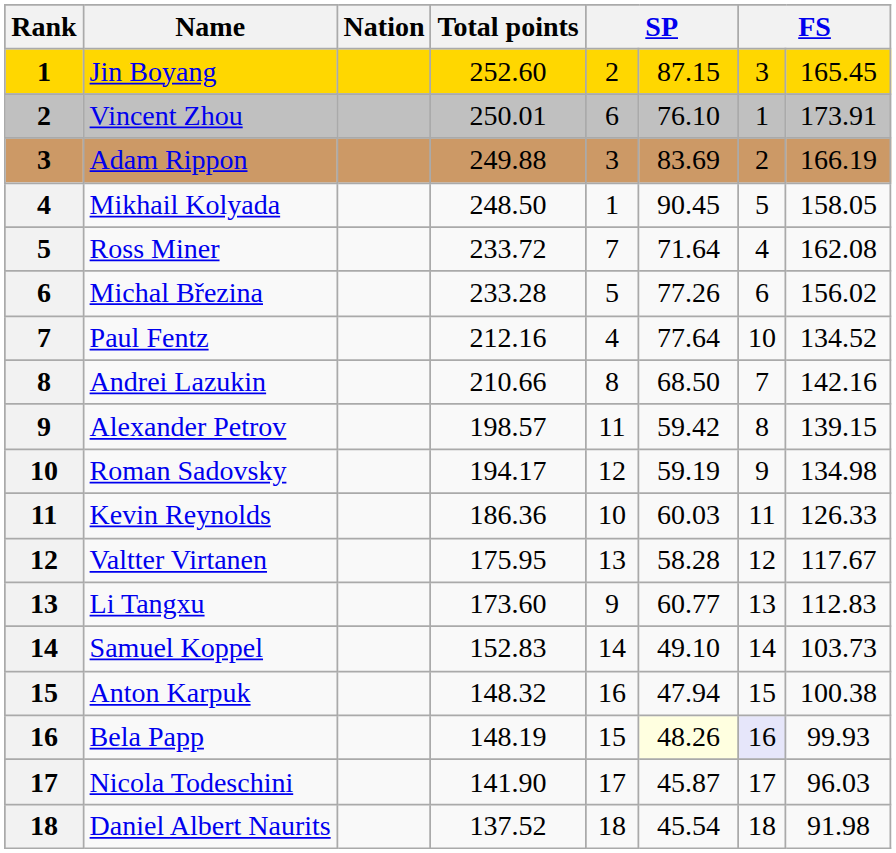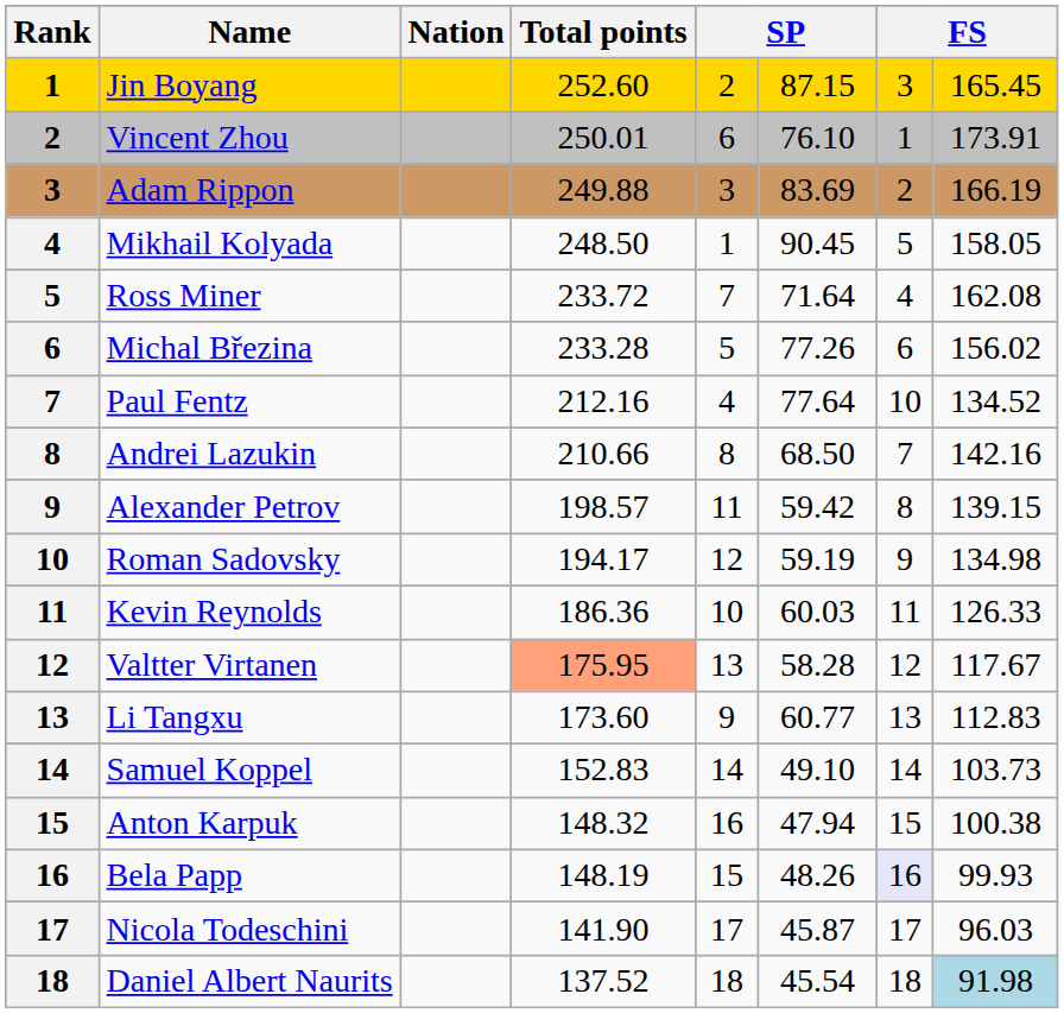 <table class="wikitable sortable">
 <tr>
 <th>Rank</th>
 <th>Name</th>
 <th>Nation</th>
 <th>Total points</th>
 <th colspan="2" width="80px"><a href='#'>SP</a></th>
 <th colspan="2" width="80px"><a href='#'>FS</a></th>
 </tr>
 <tr bgcolor="gold">
 <td align="center"><strong>1</strong></td>
 <td><a href='#'>Jin Boyang</a></td>
 <td></td>
 <td align="center">252.60</td>
 <td align="center">2</td>
 <td align="center">87.15</td>
 <td align="center">3</td>
 <td align="center">165.45</td>
 </tr>
 <tr bgcolor="silver">
 <td align="center"><strong>2</strong></td>
 <td><a href='#'>Vincent Zhou</a></td>
 <td></td>
 <td align="center">250.01</td>
 <td align="center">6</td>
 <td align="center">76.10</td>
 <td align="center">1</td>
 <td align="center">173.91</td>
 </tr>
 <tr bgcolor="cc9966">
 <td align="center"><strong>3</strong></td>
 <td><a href='#'>Adam Rippon</a></td>
 <td></td>
 <td align="center">249.88</td>
 <td align="center">3</td>
 <td align="center">83.69</td>
 <td align="center">2</td>
 <td align="center">166.19</td>
 </tr>
 <tr>
 <th>4</th>
 <td><a href='#'>Mikhail Kolyada</a></td>
 <td></td>
 <td align="center">248.50</td>
 <td align="center">1</td>
 <td align="center">90.45</td>
 <td align="center">5</td>
 <td align="center">158.05</td>
 </tr>
 <tr>
 <th>5</th>
 <td><a href='#'>Ross Miner</a></td>
 <td></td>
 <td align="center">233.72</td>
 <td align="center">7</td>
 <td align="center">71.64</td>
 <td align="center">4</td>
 <td align="center">162.08</td>
 </tr>
 <tr>
 <th>6</th>
 <td><a href='#'>Michal Březina</a></td>
 <td></td>
 <td align="center">233.28</td>
 <td align="center">5</td>
 <td align="center">77.26</td>
 <td align="center">6</td>
 <td align="center">156.02</td>
 </tr>
 <tr>
 <th>7</th>
 <td><a href='#'>Paul Fentz</a></td>
 <td></td>
 <td align="center">212.16</td>
 <td align="center">4</td>
 <td align="center">77.64</td>
 <td align="center">10</td>
 <td align="center">134.52</td>
 </tr>
 <tr>
 <th>8</th>
 <td><a href='#'>Andrei Lazukin</a></td>
 <td></td>
 <td align="center">210.66</td>
 <td align="center">8</td>
 <td align="center">68.50</td>
 <td align="center">7</td>
 <td align="center">142.16</td>
 </tr>
 <tr>
 <th>9</th>
 <td><a href='#'>Alexander Petrov</a></td>
 <td></td>
 <td align="center">198.57</td>
 <td align="center">11</td>
 <td align="center">59.42</td>
 <td align="center">8</td>
 <td align="center">139.15</td>
 </tr>
 <tr>
 <th>10</th>
 <td><a href='#'>Roman Sadovsky</a></td>
 <td></td>
 <td align="center">194.17</td>
 <td align="center">12</td>
 <td align="center">59.19</td>
 <td align="center">9</td>
 <td align="center">134.98</td>
 </tr>
 <tr>
 <th>11</th>
 <td><a href='#'>Kevin Reynolds</a></td>
 <td></td>
 <td align="center">186.36</td>
 <td align="center">10</td>
 <td align="center">60.03</td>
 <td align="center">11</td>
 <td align="center">126.33</td>
 </tr>
 <tr>
 <th>12</th>
 <td><a href='#'>Valtter Virtanen</a></td>
 <td></td>
-<td align="center">175.95</td>
+<td align="center" style="background: lightsalmon;">175.95</td>
 <td align="center">13</td>
 <td align="center">58.28</td>
 <td align="center">12</td>
 <td align="center">117.67</td>
 </tr>
 <tr>
 <th>13</th>
 <td><a href='#'>Li Tangxu</a></td>
 <td></td>
 <td align="center">173.60</td>
 <td align="center">9</td>
 <td align="center">60.77</td>
 <td align="center">13</td>
 <td align="center">112.83</td>
 </tr>
 <tr>
 <th>14</th>
 <td><a href='#'>Samuel Koppel</a></td>
 <td></td>
 <td align="center">152.83</td>
 <td align="center">14</td>
 <td align="center">49.10</td>
 <td align="center">14</td>
 <td align="center">103.73</td>
 </tr>
 <tr>
 <th>15</th>
 <td><a href='#'>Anton Karpuk</a></td>
 <td></td>
 <td align="center">148.32</td>
 <td align="center">16</td>
 <td align="center">47.94</td>
 <td align="center">15</td>
 <td align="center">100.38</td>
 </tr>
 <tr>
 <th>16</th>
 <td><a href='#'>Bela Papp</a></td>
 <td></td>
 <td align="center">148.19</td>
 <td align="center">15</td>
-<td align="center" style="background: lightyellow;">48.26</td>
+<td align="center">48.26</td>
 <td align="center" style="background: lavender;">16</td>
 <td align="center">99.93</td>
 </tr>
 <tr>
 <th>17</th>
 <td><a href='#'>Nicola Todeschini</a></td>
 <td></td>
 <td align="center">141.90</td>
 <td align="center">17</td>
 <td align="center">45.87</td>
 <td align="center">17</td>
 <td align="center">96.03</td>
 </tr>
 <tr>
 <th>18</th>
 <td><a href='#'>Daniel Albert Naurits</a></td>
 <td></td>
 <td align="center">137.52</td>
 <td align="center">18</td>
 <td align="center">45.54</td>
 <td align="center">18</td>
-<td align="center">91.98</td>
+<td align="center" style="background: lightblue;">91.98</td>
 </tr>
 </table>
